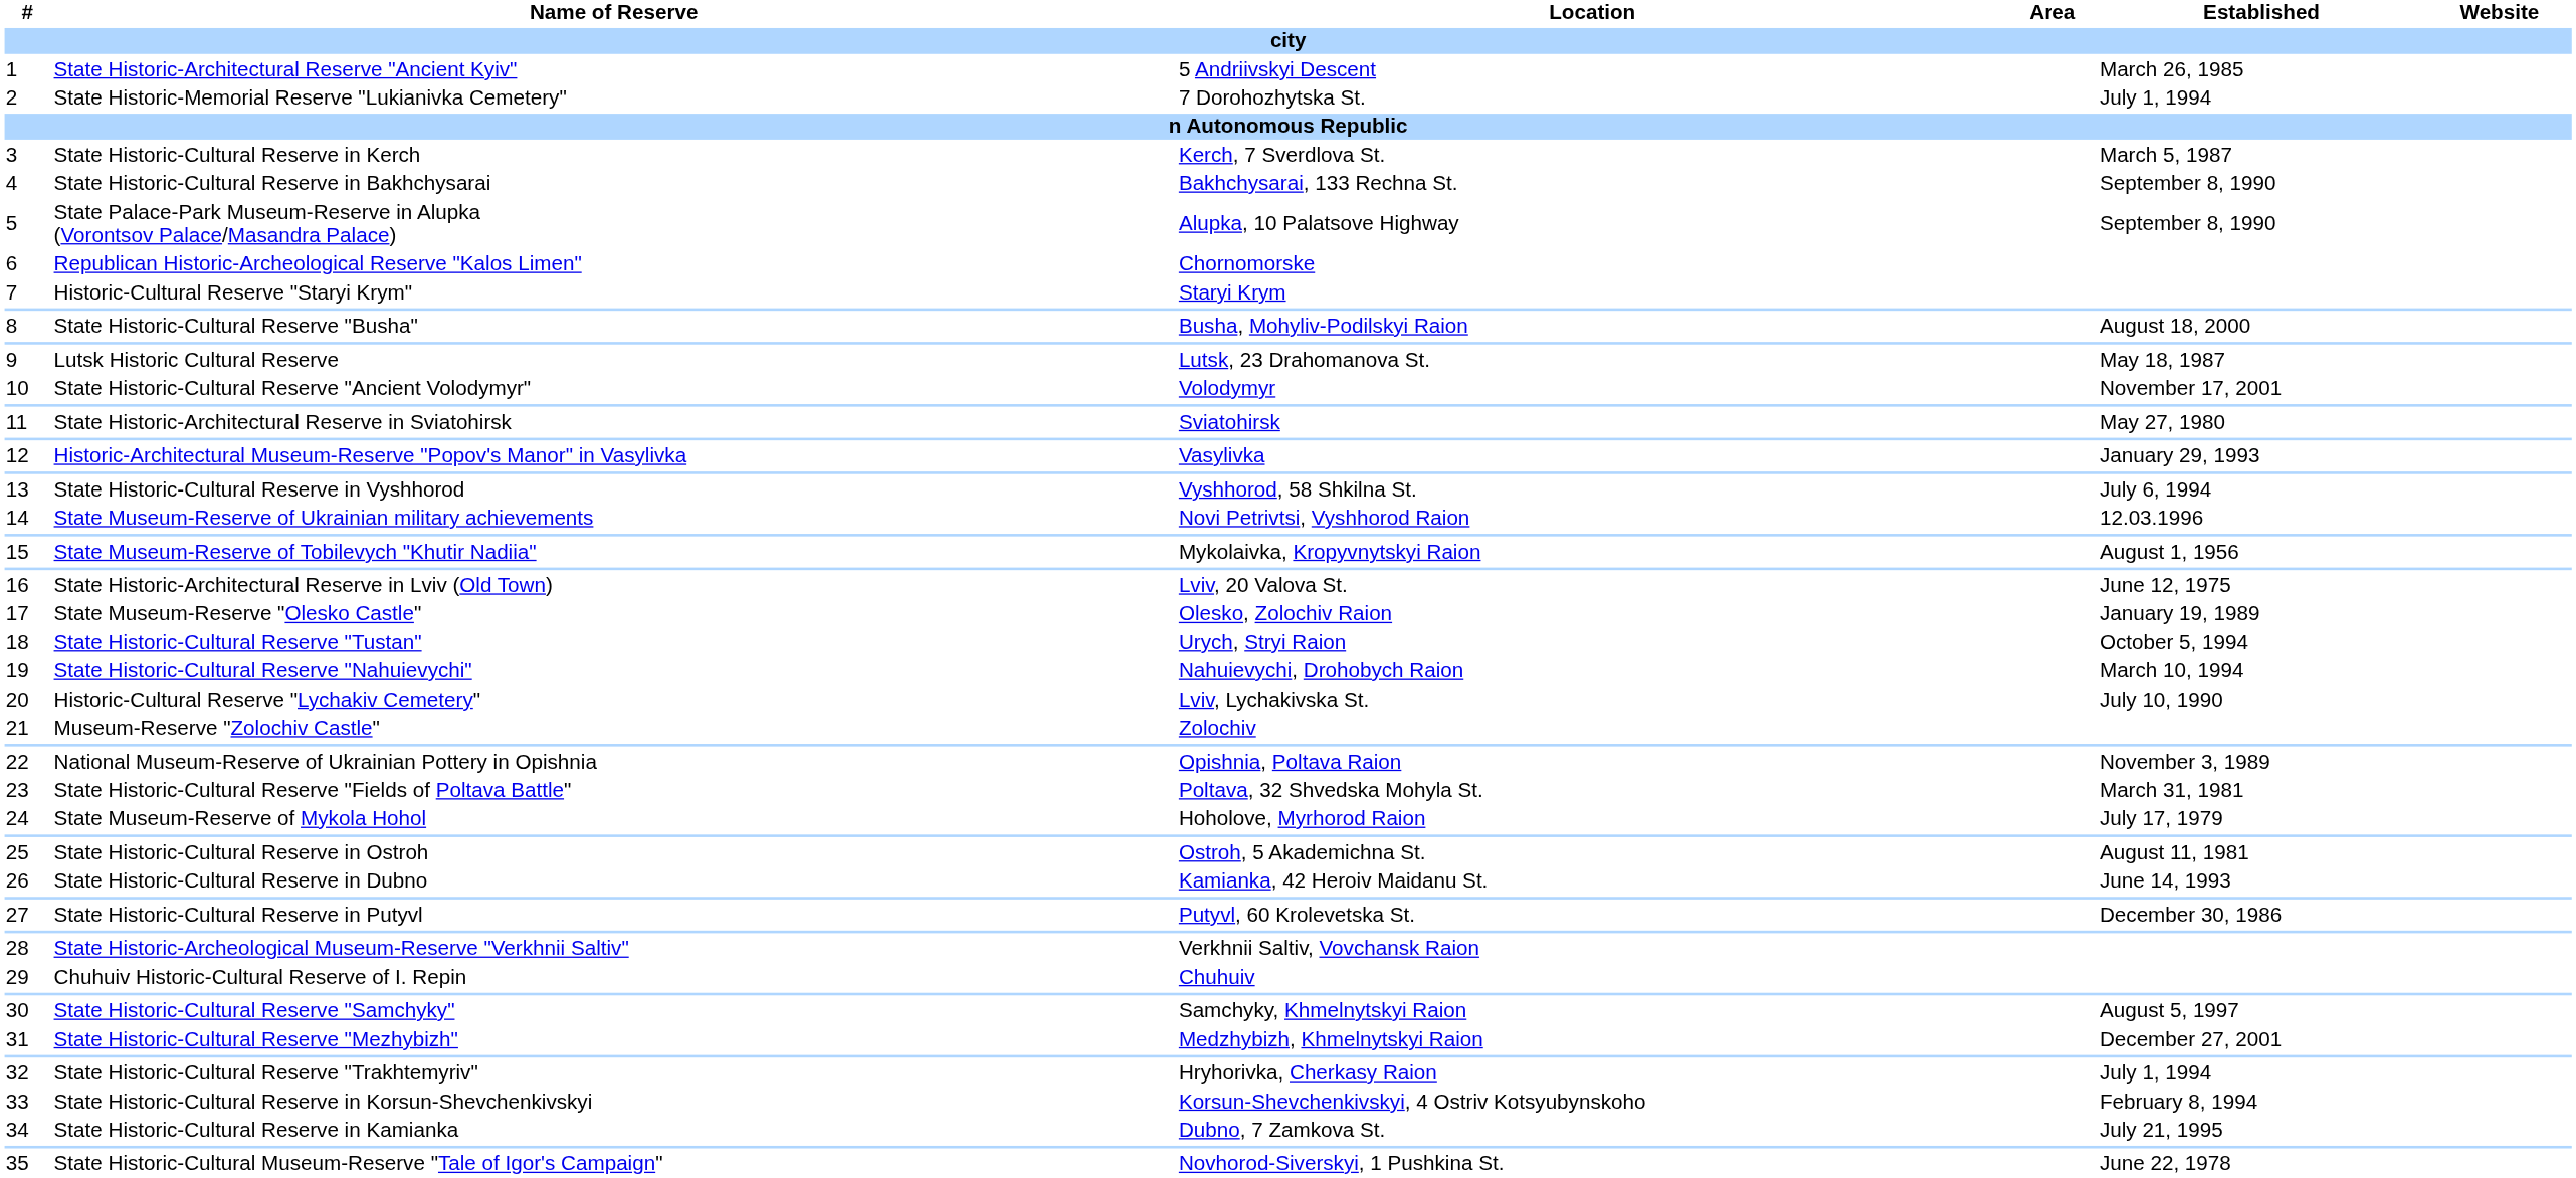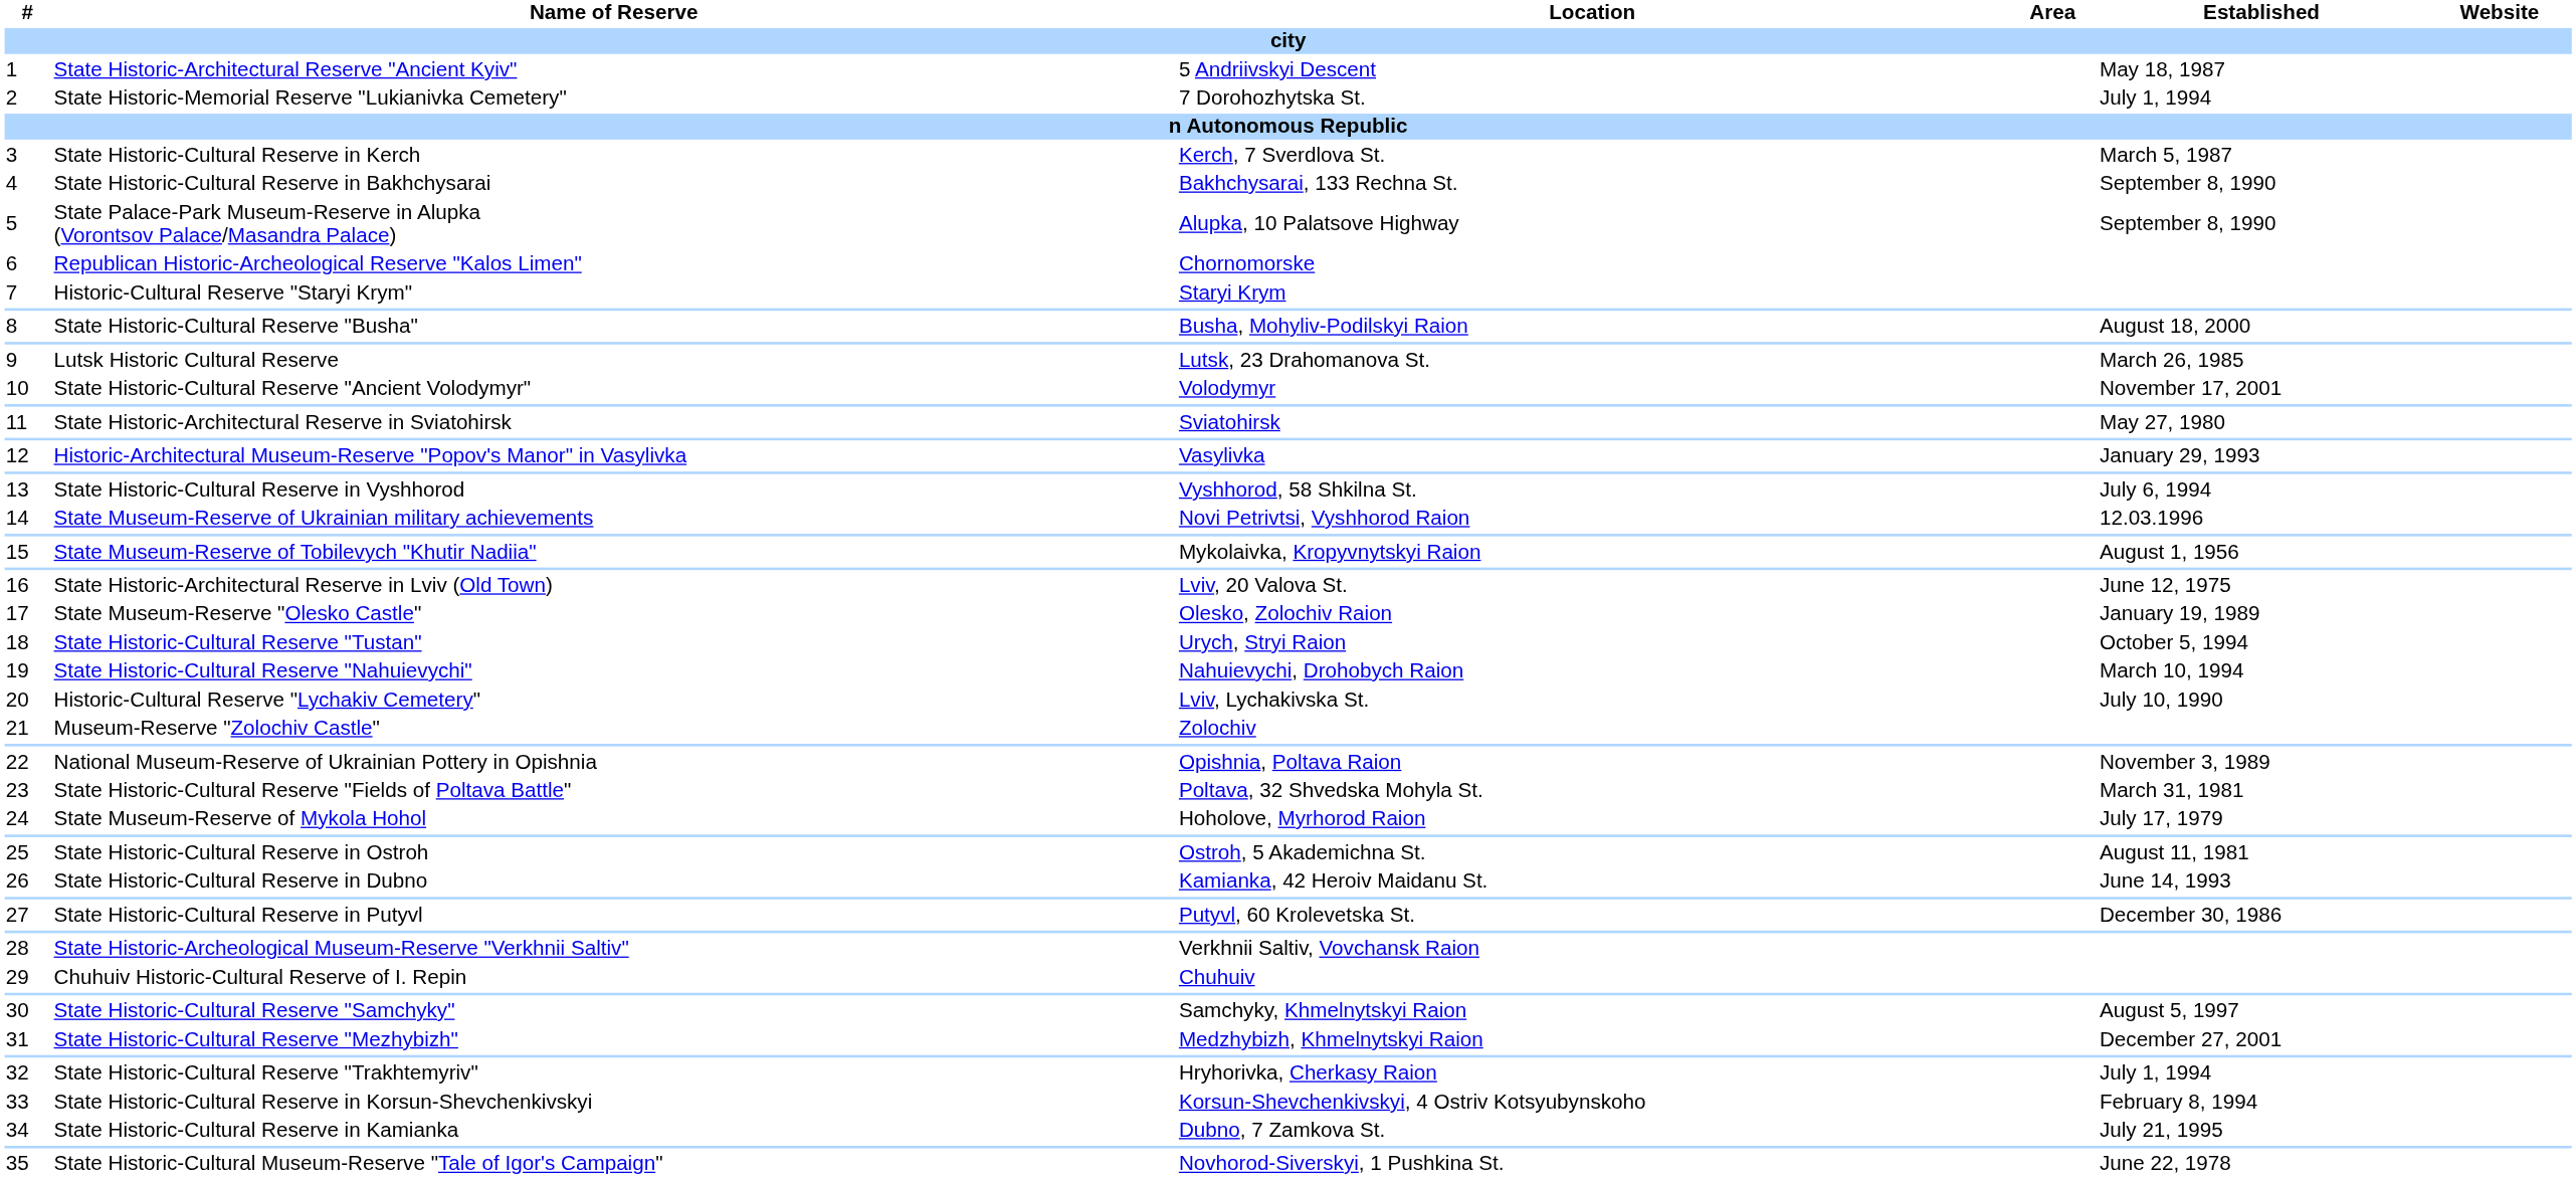 <table class="standard" width="100%">
 <tr>
 <th>#</th>
 <th>Name of Reserve</th>
 <th>Location</th>
 <th>Area</th>
 <th>Established</th>
 <th>Website</th>
 </tr>
 <tr>
 <td valign="middle" align="center" bgcolor="#AFD6FF" colspan="6"><strong> city</strong></td>
 </tr>
 <tr>
 <td>1</td>
 <td><a href='#'>State Historic-Architectural Reserve "Ancient Kyiv"</a></td>
 <td>5 <a href='#'>Andriivskyi Descent</a></td>
 <td></td>
-<td>March 26, 1985</td>
+<td>May 18, 1987</td>
 <td></td>
 </tr>
 <tr>
 <td>2</td>
 <td>State Historic-Memorial Reserve "Lukianivka Cemetery"</td>
 <td>7 Dorohozhytska St.</td>
 <td></td>
 <td>July 1, 1994</td>
 <td></td>
 </tr>
 <tr>
 <td valign="middle" align="center" bgcolor="#AFD6FF" colspan="6"><strong>n Autonomous Republic</strong></td>
 </tr>
 <tr>
 <td>3</td>
 <td>State Historic-Cultural Reserve in Kerch</td>
 <td><a href='#'>Kerch</a>, 7 Sverdlova St.</td>
 <td></td>
 <td>March 5, 1987</td>
 <td></td>
 </tr>
 <tr>
 <td>4</td>
 <td>State Historic-Cultural Reserve in Bakhchysarai</td>
 <td><a href='#'>Bakhchysarai</a>, 133 Rechna St.</td>
 <td></td>
 <td>September 8, 1990</td>
 <td></td>
 </tr>
 <tr>
 <td>5</td>
 <td>State Palace-Park Museum-Reserve in Alupka <br> (<a href='#'>Vorontsov Palace</a>/<a href='#'>Masandra Palace</a>)</td>
 <td><a href='#'>Alupka</a>, 10 Palatsove Highway</td>
 <td></td>
 <td>September 8, 1990</td>
 <td></td>
 </tr>
 <tr>
 <td>6</td>
 <td><a href='#'>Republican Historic-Archeological Reserve "Kalos Limen"</a></td>
 <td><a href='#'>Chornomorske</a></td>
 <td></td>
 <td> </td>
 <td></td>
 </tr>
 <tr>
 <td>7</td>
 <td>Historic-Cultural Reserve "Staryi Krym"</td>
 <td><a href='#'>Staryi Krym</a></td>
 <td></td>
 <td></td>
 <td></td>
 </tr>
 <tr>
 <td valign="middle" align="center" bgcolor="#AFD6FF" colspan="6"><strong></strong></td>
 </tr>
 <tr>
 <td>8</td>
 <td>State Historic-Cultural Reserve "Busha"</td>
 <td><a href='#'>Busha</a>, <a href='#'>Mohyliv-Podilskyi Raion</a></td>
 <td></td>
 <td>August 18, 2000</td>
 <td></td>
 </tr>
 <tr>
 <td valign="middle" align="center" bgcolor="#AFD6FF" colspan="6"><strong></strong></td>
 </tr>
 <tr>
 <td>9</td>
 <td>Lutsk Historic Cultural Reserve</td>
 <td><a href='#'>Lutsk</a>, 23 Drahomanova St.</td>
 <td></td>
-<td>May 18, 1987</td>
+<td>March 26, 1985</td>
 <td></td>
 </tr>
 <tr>
 <td>10</td>
 <td>State Historic-Cultural Reserve "Ancient Volodymyr"</td>
 <td><a href='#'>Volodymyr</a></td>
 <td></td>
 <td>November 17, 2001</td>
 <td></td>
 </tr>
 <tr>
 <td valign="middle" align="center" bgcolor="#AFD6FF" colspan="6"><strong></strong></td>
 </tr>
 <tr>
 <td>11</td>
 <td>State Historic-Architectural Reserve in Sviatohirsk</td>
 <td><a href='#'>Sviatohirsk</a></td>
 <td></td>
 <td>May 27, 1980</td>
 <td></td>
 </tr>
 <tr>
 <td valign="middle" align="center" bgcolor="#AFD6FF" colspan="6"><strong></strong></td>
 </tr>
 <tr>
 <td>12</td>
 <td><a href='#'>Historic-Architectural Museum-Reserve "Popov's Manor" in Vasylivka</a></td>
 <td><a href='#'>Vasylivka</a></td>
 <td></td>
 <td>January 29, 1993</td>
 <td></td>
 </tr>
 <tr>
 <td valign="middle" align="center" bgcolor="#AFD6FF" colspan="6"><strong></strong></td>
 </tr>
 <tr>
 <td>13</td>
 <td>State Historic-Cultural Reserve in Vyshhorod</td>
 <td><a href='#'>Vyshhorod</a>, 58 Shkilna St.</td>
 <td></td>
 <td>July 6, 1994</td>
 <td></td>
 </tr>
 <tr>
 <td>14</td>
 <td><a href='#'>State Museum-Reserve of Ukrainian military achievements</a></td>
 <td><a href='#'>Novi Petrivtsi</a>, <a href='#'>Vyshhorod Raion</a></td>
 <td></td>
 <td>12.03.1996</td>
 <td></td>
 </tr>
 <tr>
 <td valign="middle" align="center" bgcolor="#AFD6FF" colspan="6"><strong></strong></td>
 </tr>
 <tr>
 <td>15</td>
 <td><a href='#'>State Museum-Reserve of Tobilevych "Khutir Nadiia"</a></td>
 <td>Mykolaivka, <a href='#'>Kropyvnytskyi Raion</a></td>
 <td></td>
 <td>August 1, 1956</td>
 <td></td>
 </tr>
 <tr>
 <td valign="middle" align="center" bgcolor="#AFD6FF" colspan="6"><strong></strong></td>
 </tr>
 <tr>
 <td>16</td>
 <td>State Historic-Architectural Reserve in Lviv (<a href='#'>Old Town</a>)</td>
 <td><a href='#'>Lviv</a>, 20 Valova St.</td>
 <td></td>
 <td>June 12, 1975</td>
 <td></td>
 </tr>
 <tr>
 <td>17</td>
 <td>State Museum-Reserve "<a href='#'>Olesko Castle</a>"</td>
 <td><a href='#'>Olesko</a>, <a href='#'>Zolochiv Raion</a></td>
 <td></td>
 <td>January 19, 1989</td>
 <td></td>
 </tr>
 <tr>
 <td>18</td>
 <td><a href='#'>State Historic-Cultural Reserve "Tustan"</a></td>
 <td><a href='#'>Urych</a>, <a href='#'>Stryi Raion</a></td>
 <td></td>
 <td>October 5, 1994</td>
 <td></td>
 </tr>
 <tr>
 <td>19</td>
 <td><a href='#'>State Historic-Cultural Reserve "Nahuievychi"</a></td>
 <td><a href='#'>Nahuievychi</a>, <a href='#'>Drohobych Raion</a></td>
 <td></td>
 <td>March 10, 1994</td>
 <td></td>
 </tr>
 <tr>
 <td>20</td>
 <td>Historic-Cultural Reserve "<a href='#'>Lychakiv Cemetery</a>"</td>
 <td><a href='#'>Lviv</a>, Lychakivska St.</td>
 <td></td>
 <td>July 10, 1990</td>
 <td></td>
 </tr>
 <tr>
 <td>21</td>
 <td>Museum-Reserve "<a href='#'>Zolochiv Castle</a>"</td>
 <td><a href='#'>Zolochiv</a></td>
 <td></td>
 <td> </td>
 <td></td>
 </tr>
 <tr>
 <td valign="middle" align="center" bgcolor="#AFD6FF" colspan="6"><strong></strong></td>
 </tr>
 <tr>
 <td>22</td>
 <td>National Museum-Reserve of Ukrainian Pottery in Opishnia</td>
 <td><a href='#'>Opishnia</a>, <a href='#'>Poltava Raion</a></td>
 <td></td>
 <td>November 3, 1989</td>
 <td></td>
 </tr>
 <tr>
 <td>23</td>
 <td>State Historic-Cultural Reserve "Fields of <a href='#'>Poltava Battle</a>"</td>
 <td><a href='#'>Poltava</a>, 32 Shvedska Mohyla St.</td>
 <td></td>
 <td>March 31, 1981</td>
 <td></td>
 </tr>
 <tr>
 <td>24</td>
 <td>State Museum-Reserve of <a href='#'>Mykola Hohol</a></td>
 <td>Hoholove, <a href='#'>Myrhorod Raion</a></td>
 <td></td>
 <td>July 17, 1979</td>
 <td></td>
 </tr>
 <tr>
 <td valign="middle" align="center" bgcolor="#AFD6FF" colspan="6"><strong></strong></td>
 </tr>
 <tr>
 <td>25</td>
 <td>State Historic-Cultural Reserve in Ostroh</td>
 <td><a href='#'>Ostroh</a>, 5 Akademichna St.</td>
 <td></td>
 <td>August 11, 1981</td>
 <td></td>
 </tr>
 <tr>
 <td>26</td>
 <td>State Historic-Cultural Reserve in Dubno</td>
 <td><a href='#'>Kamianka</a>, 42 Heroiv Maidanu St.</td>
 <td></td>
 <td>June 14, 1993</td>
 <td></td>
 </tr>
 <tr>
 <td valign="middle" align="center" bgcolor="#AFD6FF" colspan="6"><strong></strong></td>
 </tr>
 <tr>
 <td>27</td>
 <td>State Historic-Cultural Reserve in Putyvl</td>
 <td><a href='#'>Putyvl</a>, 60 Krolevetska St.</td>
 <td></td>
 <td>December 30, 1986</td>
 <td></td>
 </tr>
 <tr>
 <td valign="middle" align="center" bgcolor="#AFD6FF" colspan="6"><strong></strong></td>
 </tr>
 <tr>
 <td>28</td>
 <td><a href='#'>State Historic-Archeological Museum-Reserve "Verkhnii Saltiv"</a></td>
 <td>Verkhnii Saltiv, <a href='#'>Vovchansk Raion</a></td>
 <td></td>
 <td> </td>
 <td></td>
 </tr>
 <tr>
 <td>29</td>
 <td>Chuhuiv Historic-Cultural Reserve of I. Repin</td>
 <td><a href='#'>Chuhuiv</a></td>
 <td></td>
 <td> </td>
 <td></td>
 </tr>
 <tr>
 <td valign="middle" align="center" bgcolor="#AFD6FF" colspan="6"><strong></strong></td>
 </tr>
 <tr>
 <td>30</td>
 <td><a href='#'>State Historic-Cultural Reserve "Samchyky"</a></td>
 <td>Samchyky, <a href='#'>Khmelnytskyi Raion</a></td>
 <td></td>
 <td>August 5, 1997</td>
 <td></td>
 </tr>
 <tr>
 <td>31</td>
 <td><a href='#'>State Historic-Cultural Reserve "Mezhybizh"</a></td>
 <td><a href='#'>Medzhybizh</a>, <a href='#'>Khmelnytskyi Raion</a></td>
 <td></td>
 <td>December 27, 2001</td>
 <td></td>
 </tr>
 <tr>
 <td valign="middle" align="center" bgcolor="#AFD6FF" colspan="6"><strong></strong></td>
 </tr>
 <tr>
 <td>32</td>
 <td>State Historic-Cultural Reserve "Trakhtemyriv"</td>
 <td>Hryhorivka, <a href='#'>Cherkasy Raion</a></td>
 <td></td>
 <td>July 1, 1994</td>
 <td></td>
 </tr>
 <tr>
 <td>33</td>
 <td>State Historic-Cultural Reserve in Korsun-Shevchenkivskyi</td>
 <td><a href='#'>Korsun-Shevchenkivskyi</a>, 4 Ostriv Kotsyubynskoho</td>
 <td></td>
 <td>February 8, 1994</td>
 <td></td>
 </tr>
 <tr>
 <td>34</td>
 <td>State Historic-Cultural Reserve in Kamianka</td>
 <td><a href='#'>Dubno</a>, 7 Zamkova St.</td>
 <td></td>
 <td>July 21, 1995</td>
 <td></td>
 </tr>
 <tr>
 <td valign="middle" align="center" bgcolor="#AFD6FF" colspan="6"><strong></strong></td>
 </tr>
 <tr>
 <td>35</td>
 <td>State Historic-Cultural Museum-Reserve "<a href='#'>Tale of Igor's Campaign</a>"</td>
 <td><a href='#'>Novhorod-Siverskyi</a>, 1 Pushkina St.</td>
 <td></td>
 <td>June 22, 1978</td>
 <td></td>
 </tr>
 </table>
